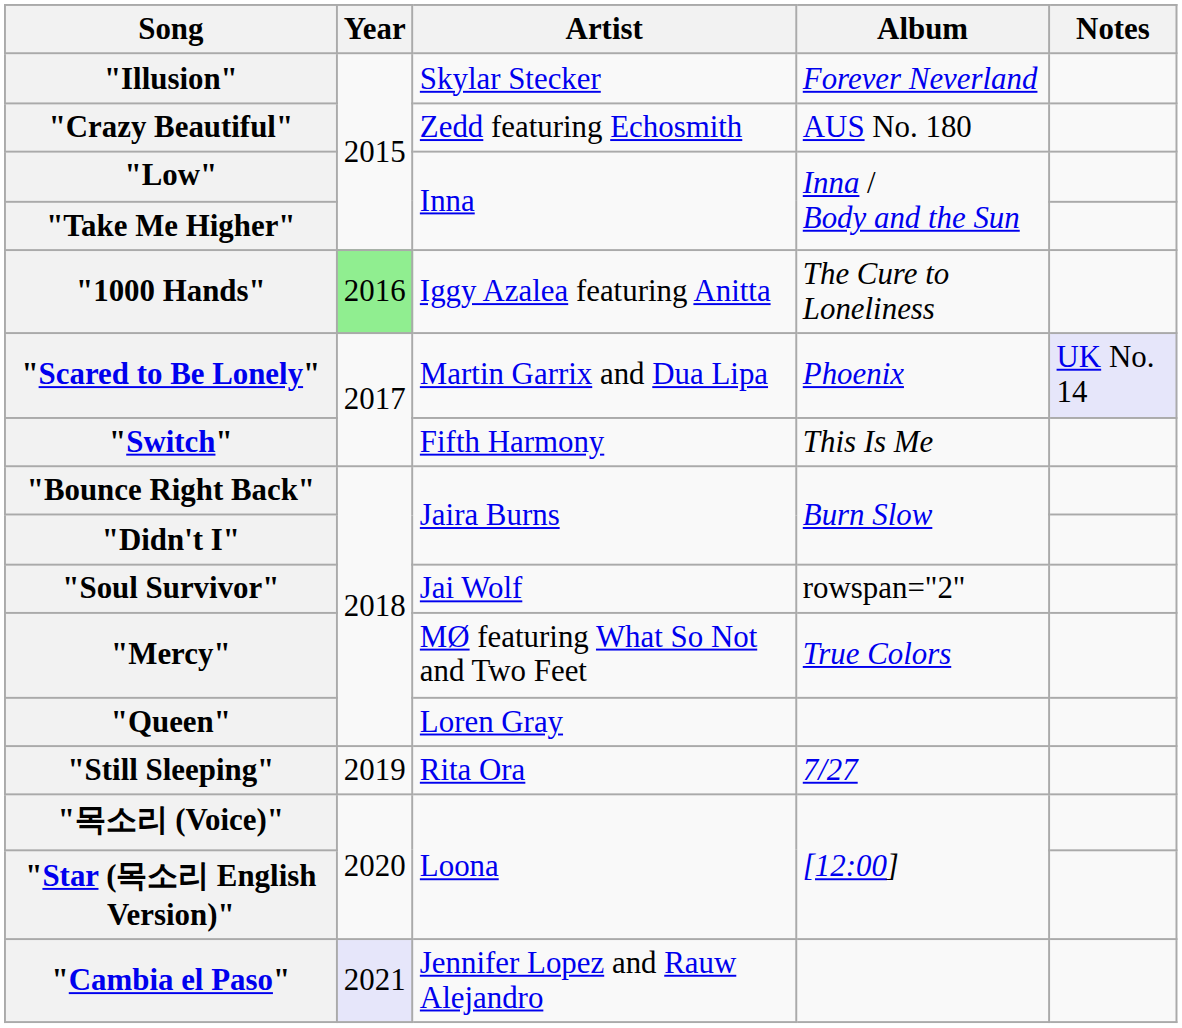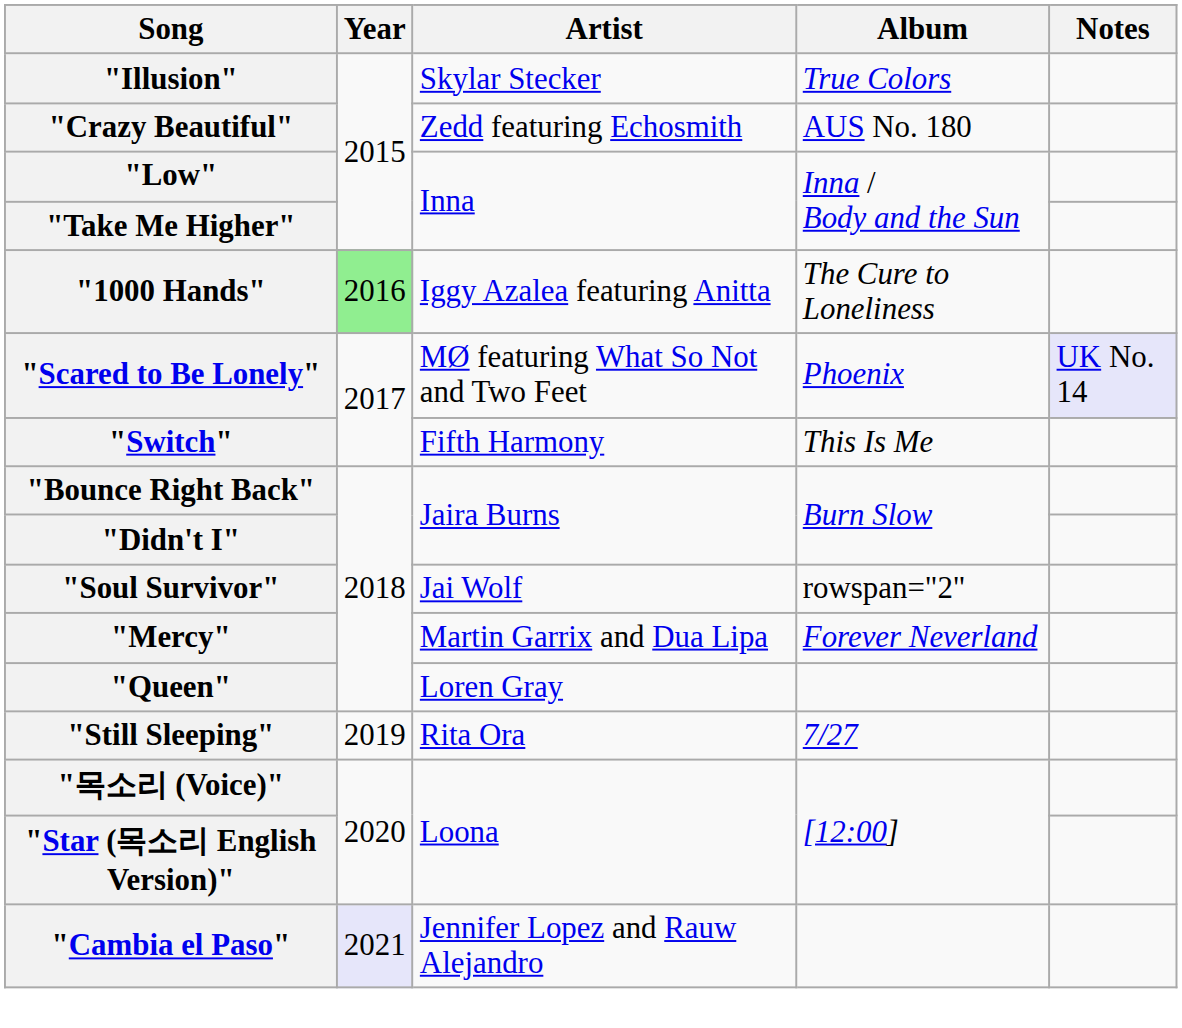 <table class="wikitable plainrowheaders">
 <tr>
 <th scope="col">Song<br></th>
 <th scope="col">Year</th>
 <th scope="col">Artist</th>
 <th scope="col">Album</th>
 <th scope="col">Notes</th>
 </tr>
 <tr>
 <th scope="row">"Illusion"</th>
 <td rowspan="4">2015</td>
 <td><a href='#'>Skylar Stecker</a></td>
-<td><em><a href='#'>Forever Neverland</a></em></td>
+<td><em><a href='#'>True Colors</a></em></td>
 <td></td>
 </tr>
 <tr>
 <th scope="row">"Crazy Beautiful"</th>
 <td><a href='#'>Zedd</a> featuring <a href='#'>Echosmith</a></td>
 <td><a href='#'>AUS</a> No. 180</td>
 <td></td>
 </tr>
 <tr>
 <th scope="row">"Low"</th>
 <td rowspan="2"><a href='#'>Inna</a></td>
 <td rowspan="2"><em><a href='#'>Inna</a></em> /<br> <em><a href='#'>Body and the Sun</a></em></td>
 <td></td>
 </tr>
 <tr>
 <th scope="row">"Take Me Higher"</th>
 <td></td>
 </tr>
 <tr>
 <th scope="row">"1000 Hands"</th>
 <td style="background: lightgreen;">2016</td>
 <td><a href='#'>Iggy Azalea</a> featuring <a href='#'>Anitta</a></td>
 <td><em>The Cure to Loneliness</em></td>
 <td></td>
 </tr>
 <tr>
 <th scope="row">"<a href='#'>Scared to Be Lonely</a>"</th>
 <td rowspan="2">2017</td>
-<td><a href='#'>Martin Garrix</a> and <a href='#'>Dua Lipa</a></td>
+<td><a href='#'>MØ</a> featuring <a href='#'>What So Not</a> and Two Feet</td>
 <td><em><a href='#'>Phoenix</a></em></td>
 <td style="background: lavender;"><a href='#'>UK</a> No. 14</td>
 </tr>
 <tr>
 <th scope="row">"<a href='#'>Switch</a>"</th>
 <td><a href='#'>Fifth Harmony</a></td>
 <td><em>This Is Me</em></td>
 </tr>
 <tr>
 <th scope="row">"Bounce Right Back"</th>
 <td rowspan="5">2018</td>
 <td rowspan="2"><a href='#'>Jaira Burns</a></td>
 <td rowspan="2"><em><a href='#'>Burn Slow</a></em></td>
 <td></td>
 </tr>
 <tr>
 <th scope="row">"Didn't I"</th>
 <td></td>
 </tr>
 <tr>
 <th scope="row">"Soul Survivor"</th>
 <td><a href='#'>Jai Wolf</a></td>
 <td>rowspan="2" </td>
 <td></td>
 </tr>
 <tr>
 <th scope="row">"Mercy"</th>
-<td><a href='#'>MØ</a> featuring <a href='#'>What So Not</a> and Two Feet</td>
-<td><em><a href='#'>True Colors</a></em></td>
+<td><a href='#'>Martin Garrix</a> and <a href='#'>Dua Lipa</a></td>
+<td><em><a href='#'>Forever Neverland</a></em></td>
 <td></td>
 </tr>
 <tr>
 <th scope="row">"Queen"</th>
 <td><a href='#'>Loren Gray</a></td>
 <td></td>
 <td></td>
 </tr>
 <tr>
 <th scope="row">"Still Sleeping"</th>
 <td>2019</td>
 <td><a href='#'>Rita Ora</a></td>
 <td><em><a href='#'>7/27</a></em></td>
 <td></td>
 </tr>
 <tr>
 <th scope="row">"목소리 (Voice)"</th>
 <td rowspan="2">2020</td>
 <td rowspan="2"><a href='#'>Loona</a></td>
 <td rowspan="2"><em><a href='#'>[12:00</a>]</em></td>
 <td></td>
 </tr>
 <tr>
 <th scope="row">"<a href='#'>Star</a> (목소리 English Version)"</th>
 <td></td>
 </tr>
 <tr>
 <th scope="row">"<a href='#'>Cambia el Paso</a>"</th>
 <td style="background: lavender;">2021</td>
 <td><a href='#'>Jennifer Lopez</a> and <a href='#'>Rauw Alejandro</a></td>
 <td></td>
 <td></td>
 </tr>
 </table>
